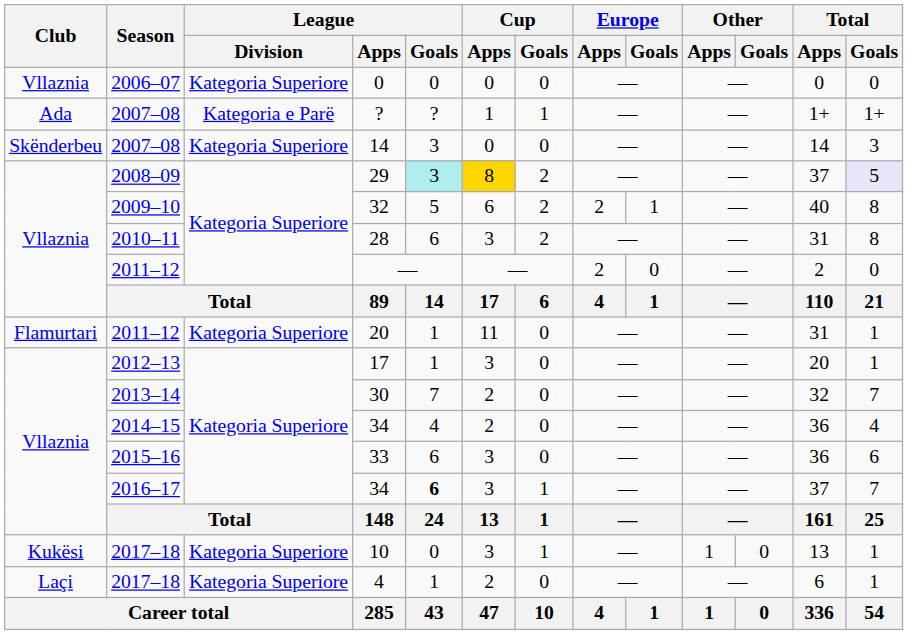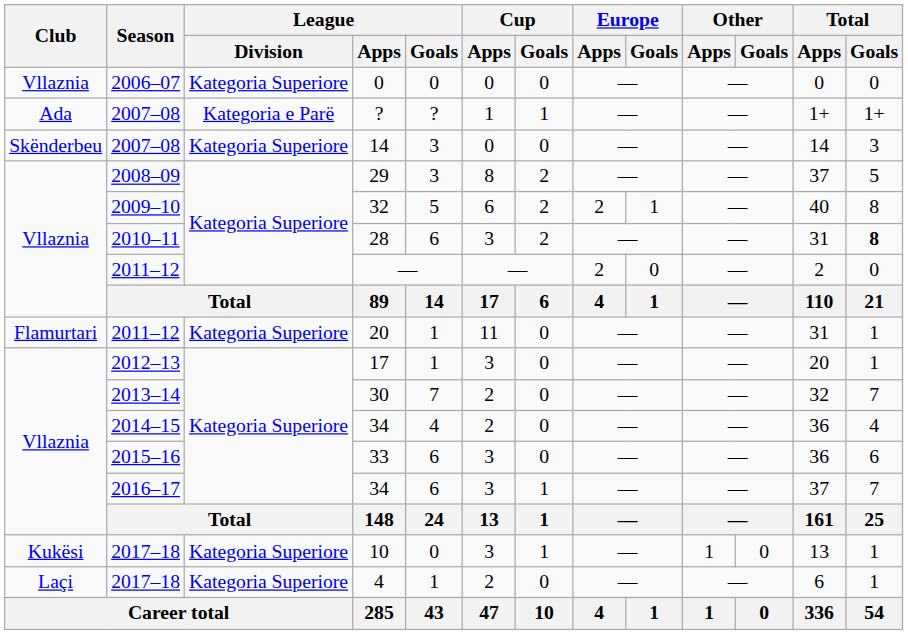 <table class="wikitable" style="text-align: center;">
 <tr>
 <th rowspan="2">Club</th>
 <th rowspan="2">Season</th>
 <th colspan="3">League</th>
 <th colspan="2">Cup</th>
 <th colspan="2"><a href='#'>Europe</a></th>
 <th colspan="2">Other</th>
 <th colspan="2">Total</th>
 </tr>
 <tr>
 <th>Division</th>
 <th>Apps</th>
 <th>Goals</th>
 <th>Apps</th>
 <th>Goals</th>
 <th>Apps</th>
 <th>Goals</th>
 <th>Apps</th>
 <th>Goals</th>
 <th>Apps</th>
 <th>Goals</th>
 </tr>
 <tr>
 <td rowspan="1"><a href='#'>Vllaznia</a></td>
 <td><a href='#'>2006–07</a></td>
 <td rowspan="1"><a href='#'>Kategoria Superiore</a></td>
 <td>0</td>
 <td>0</td>
 <td>0</td>
 <td>0</td>
 <td colspan="2">—</td>
 <td colspan="2">—</td>
 <td>0</td>
 <td>0</td>
 </tr>
 <tr>
 <td rowspan="1"><a href='#'>Ada</a></td>
 <td><a href='#'>2007–08</a></td>
 <td rowspan="1"><a href='#'>Kategoria e Parë</a></td>
 <td>?</td>
 <td>?</td>
 <td>1</td>
 <td>1</td>
 <td colspan="2">—</td>
 <td colspan="2">—</td>
 <td>1+</td>
 <td>1+</td>
 </tr>
 <tr>
 <td rowspan="1"><a href='#'>Skënderbeu</a></td>
 <td><a href='#'>2007–08</a></td>
 <td rowspan="1"><a href='#'>Kategoria Superiore</a></td>
 <td>14</td>
 <td>3</td>
 <td>0</td>
 <td>0</td>
 <td colspan="2">—</td>
 <td colspan="2">—</td>
 <td>14</td>
 <td>3</td>
 </tr>
 <tr>
 <td rowspan="5"><a href='#'>Vllaznia</a></td>
 <td><a href='#'>2008–09</a></td>
 <td rowspan="4"><a href='#'>Kategoria Superiore</a></td>
 <td>29</td>
-<td style="background: paleturquoise;">3</td>
-<td style="background: gold;">8</td>
+<td>3</td>
+<td>8</td>
 <td>2</td>
 <td colspan="2">—</td>
 <td colspan="2">—</td>
 <td>37</td>
-<td style="background: lavender;">5</td>
+<td>5</td>
 </tr>
 <tr>
 <td><a href='#'>2009–10</a></td>
 <td>32</td>
 <td>5</td>
 <td>6</td>
 <td>2</td>
 <td>2</td>
 <td>1</td>
 <td colspan="2">—</td>
 <td>40</td>
 <td>8</td>
 </tr>
 <tr>
 <td><a href='#'>2010–11</a></td>
 <td>28</td>
 <td>6</td>
 <td>3</td>
 <td>2</td>
 <td colspan="2">—</td>
 <td colspan="2">—</td>
 <td>31</td>
-<td>8</td>
+<td><strong>8</strong></td>
 </tr>
 <tr>
 <td><a href='#'>2011–12</a></td>
 <td colspan="2">—</td>
 <td colspan="2">—</td>
 <td>2</td>
 <td>0</td>
 <td colspan="2">—</td>
 <td>2</td>
 <td>0</td>
 </tr>
 <tr>
 <th colspan="2">Total</th>
 <th>89</th>
 <th>14</th>
 <th>17</th>
 <th>6</th>
 <th>4</th>
 <th>1</th>
 <th colspan="2">—</th>
 <th>110</th>
 <th>21</th>
 </tr>
 <tr>
 <td rowspan="1"><a href='#'>Flamurtari</a></td>
 <td><a href='#'>2011–12</a></td>
 <td rowspan="1"><a href='#'>Kategoria Superiore</a></td>
 <td>20</td>
 <td>1</td>
 <td>11</td>
 <td>0</td>
 <td colspan="2">—</td>
 <td colspan="2">—</td>
 <td>31</td>
 <td>1</td>
 </tr>
 <tr>
 <td rowspan="6"><a href='#'>Vllaznia</a></td>
 <td><a href='#'>2012–13</a></td>
 <td rowspan="5"><a href='#'>Kategoria Superiore</a></td>
 <td>17</td>
 <td>1</td>
 <td>3</td>
 <td>0</td>
 <td colspan="2">—</td>
 <td colspan="2">—</td>
 <td>20</td>
 <td>1</td>
 </tr>
 <tr>
 <td><a href='#'>2013–14</a></td>
 <td>30</td>
 <td>7</td>
 <td>2</td>
 <td>0</td>
 <td colspan="2">—</td>
 <td colspan="2">—</td>
 <td>32</td>
 <td>7</td>
 </tr>
 <tr>
 <td><a href='#'>2014–15</a></td>
 <td>34</td>
 <td>4</td>
 <td>2</td>
 <td>0</td>
 <td colspan="2">—</td>
 <td colspan="2">—</td>
 <td>36</td>
 <td>4</td>
 </tr>
 <tr>
 <td><a href='#'>2015–16</a></td>
 <td>33</td>
 <td>6</td>
 <td>3</td>
 <td>0</td>
 <td colspan="2">—</td>
 <td colspan="2">—</td>
 <td>36</td>
 <td>6</td>
 </tr>
 <tr>
 <td><a href='#'>2016–17</a></td>
 <td>34</td>
-<td><strong>6</strong></td>
+<td>6</td>
 <td>3</td>
 <td>1</td>
 <td colspan="2">—</td>
 <td colspan="2">—</td>
 <td>37</td>
 <td>7</td>
 </tr>
 <tr>
 <th colspan="2">Total</th>
 <th>148</th>
 <th>24</th>
 <th>13</th>
 <th>1</th>
 <th colspan="2">—</th>
 <th colspan="2">—</th>
 <th>161</th>
 <th>25</th>
 </tr>
 <tr>
 <td rowspan="1"><a href='#'>Kukësi</a></td>
 <td><a href='#'>2017–18</a></td>
 <td rowspan="1"><a href='#'>Kategoria Superiore</a></td>
 <td>10</td>
 <td>0</td>
 <td>3</td>
 <td>1</td>
 <td colspan="2">—</td>
 <td>1</td>
 <td>0</td>
 <td>13</td>
 <td>1</td>
 </tr>
 <tr>
 <td rowspan="1"><a href='#'>Laçi</a></td>
 <td><a href='#'>2017–18</a></td>
 <td rowspan="1"><a href='#'>Kategoria Superiore</a></td>
 <td>4</td>
 <td>1</td>
 <td>2</td>
 <td>0</td>
 <td colspan="2">—</td>
 <td colspan="2">—</td>
 <td>6</td>
 <td>1</td>
 </tr>
 <tr>
 <th colspan="3">Career total</th>
 <th>285</th>
 <th>43</th>
 <th>47</th>
 <th>10</th>
 <th>4</th>
 <th>1</th>
 <th>1</th>
 <th>0</th>
 <th>336</th>
 <th>54</th>
 </tr>
 </table>
